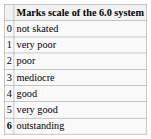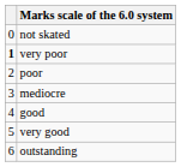 <table class="wikitable">
 <tr>
 <th></th>
 <th>Marks scale of the 6.0 system</th>
 </tr>
 <tr>
 <td>0</td>
 <td>not skated</td>
 </tr>
 <tr>
-<td>1</td>
+<td><strong>1</strong></td>
 <td>very poor</td>
 </tr>
 <tr>
 <td>2</td>
 <td>poor</td>
 </tr>
 <tr>
 <td>3</td>
 <td>mediocre</td>
 </tr>
 <tr>
 <td>4</td>
 <td>good</td>
 </tr>
 <tr>
 <td>5</td>
 <td>very good</td>
 </tr>
 <tr>
-<td><strong>6</strong></td>
+<td>6</td>
 <td>outstanding</td>
 </tr>
 </table>
